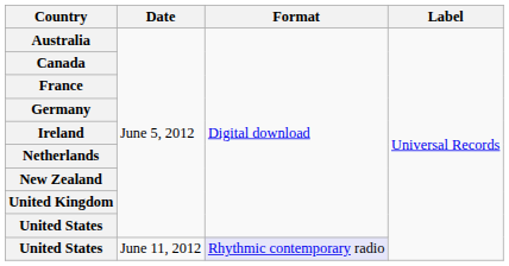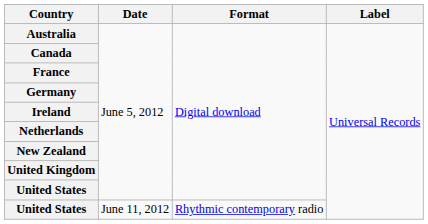 <table class="wikitable plainrowheaders">
 <tr>
 <th scope="col">Country</th>
 <th scope="col">Date</th>
 <th scope="col">Format</th>
 <th scope="col">Label</th>
 </tr>
 <tr>
 <th scope="row">Australia</th>
 <td rowspan="9">June 5, 2012</td>
 <td rowspan="9"><a href='#'>Digital download</a></td>
 <td rowspan="10"><a href='#'>Universal Records</a></td>
 </tr>
 <tr>
 <th scope="row">Canada</th>
 </tr>
 <tr>
 <th scope="row">France</th>
 </tr>
 <tr>
 <th scope="row">Germany</th>
 </tr>
 <tr>
 <th scope="row">Ireland</th>
 </tr>
 <tr>
 <th scope="row">Netherlands</th>
 </tr>
 <tr>
 <th scope="row">New Zealand</th>
 </tr>
 <tr>
 <th scope="row">United Kingdom</th>
 </tr>
 <tr>
 <th scope="row">United States</th>
 </tr>
 <tr>
 <th scope="row">United States</th>
 <td>June 11, 2012</td>
-<td style="background: lavender;"><a href='#'>Rhythmic contemporary</a> radio</td>
+<td><a href='#'>Rhythmic contemporary</a> radio</td>
 </tr>
 </table>
